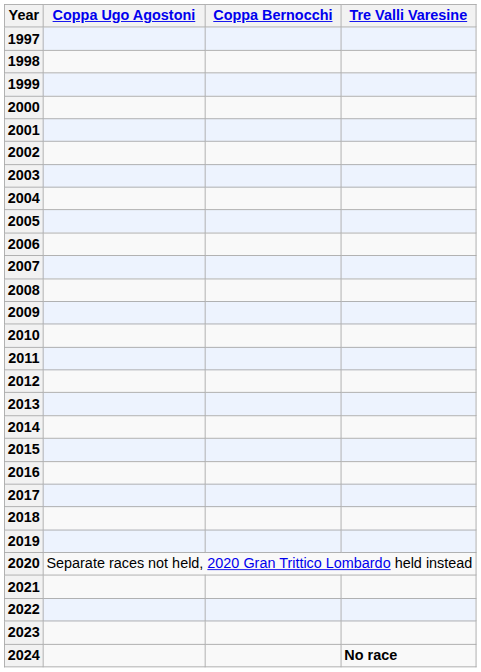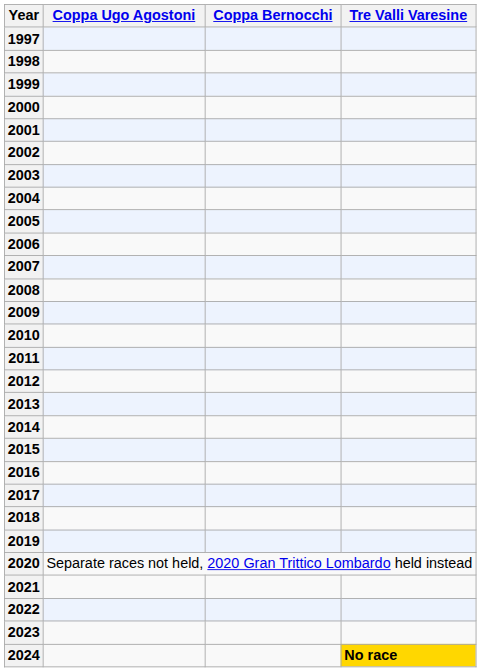 <table class="wikitable">
 <tr>
 <th>Year</th>
 <th><a href='#'>Coppa Ugo Agostoni</a></th>
 <th><a href='#'>Coppa Bernocchi</a></th>
 <th><a href='#'>Tre Valli Varesine</a></th>
 </tr>
 <tr bgcolor=#edf3fe>
 <th>1997</th>
 <td></td>
 <td></td>
 <td></td>
 </tr>
 <tr>
 <th>1998</th>
 <td></td>
 <td></td>
 <td></td>
 </tr>
 <tr bgcolor=#edf3fe>
 <th>1999</th>
 <td></td>
 <td></td>
 <td></td>
 </tr>
 <tr>
 <th>2000</th>
 <td></td>
 <td></td>
 <td></td>
 </tr>
 <tr bgcolor=#edf3fe>
 <th>2001</th>
 <td></td>
 <td></td>
 <td></td>
 </tr>
 <tr>
 <th>2002</th>
 <td></td>
 <td></td>
 <td></td>
 </tr>
 <tr bgcolor=#edf3fe>
 <th>2003</th>
 <td></td>
 <td></td>
 <td></td>
 </tr>
 <tr>
 <th>2004</th>
 <td></td>
 <td></td>
 <td></td>
 </tr>
 <tr bgcolor=#edf3fe>
 <th>2005</th>
 <td></td>
 <td></td>
 <td></td>
 </tr>
 <tr>
 <th>2006</th>
 <td></td>
 <td></td>
 <td></td>
 </tr>
 <tr bgcolor=#edf3fe>
 <th>2007</th>
 <td></td>
 <td></td>
 <td></td>
 </tr>
 <tr>
 <th>2008</th>
 <td></td>
 <td></td>
 <td></td>
 </tr>
 <tr bgcolor=#edf3fe>
 <th>2009</th>
 <td></td>
 <td></td>
 <td></td>
 </tr>
 <tr>
 <th>2010</th>
 <td></td>
 <td></td>
 <td></td>
 </tr>
 <tr bgcolor=#edf3fe>
 <th>2011</th>
 <td></td>
 <td></td>
 <td></td>
 </tr>
 <tr>
 <th>2012</th>
 <td></td>
 <td></td>
 <td></td>
 </tr>
 <tr bgcolor=#edf3fe>
 <th>2013</th>
 <td></td>
 <td></td>
 <td></td>
 </tr>
 <tr>
 <th>2014</th>
 <td></td>
 <td></td>
 <td></td>
 </tr>
 <tr bgcolor=#edf3fe>
 <th>2015</th>
 <td></td>
 <td></td>
 <td></td>
 </tr>
 <tr>
 <th>2016</th>
 <td></td>
 <td></td>
 <td></td>
 </tr>
 <tr bgcolor=#edf3fe>
 <th>2017</th>
 <td></td>
 <td></td>
 <td></td>
 </tr>
 <tr>
 <th>2018</th>
 <td></td>
 <td></td>
 <td></td>
 </tr>
 <tr bgcolor=#edf3fe>
 <th>2019</th>
 <td></td>
 <td></td>
 <td></td>
 </tr>
 <tr>
 <th>2020</th>
 <td colspan="3">Separate races not held, <a href='#'>2020 Gran Trittico Lombardo</a> held instead</td>
 </tr>
 <tr>
 <th>2021</th>
 <td></td>
 <td></td>
 <td></td>
 </tr>
 <tr bgcolor=#edf3fe>
 <th>2022</th>
 <td></td>
 <td></td>
 <td></td>
 </tr>
 <tr>
 <th>2023</th>
 <td></td>
 <td></td>
 <td></td>
 </tr>
 <tr>
 <th>2024</th>
 <td></td>
 <td></td>
-<td><strong>No race</strong></td>
+<td style="background: gold;"><strong>No race</strong></td>
 </tr>
 </table>
